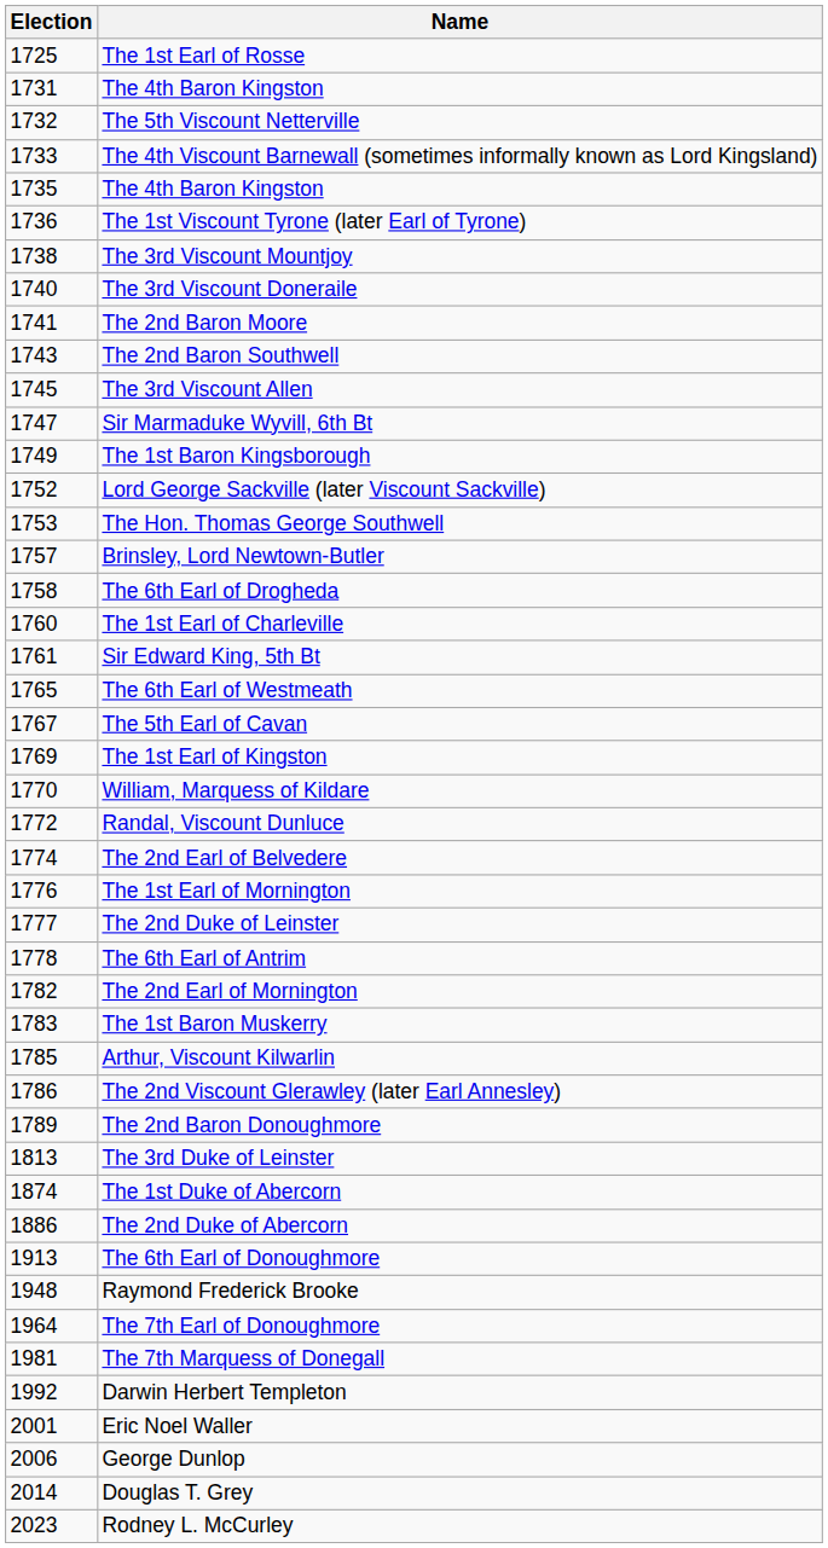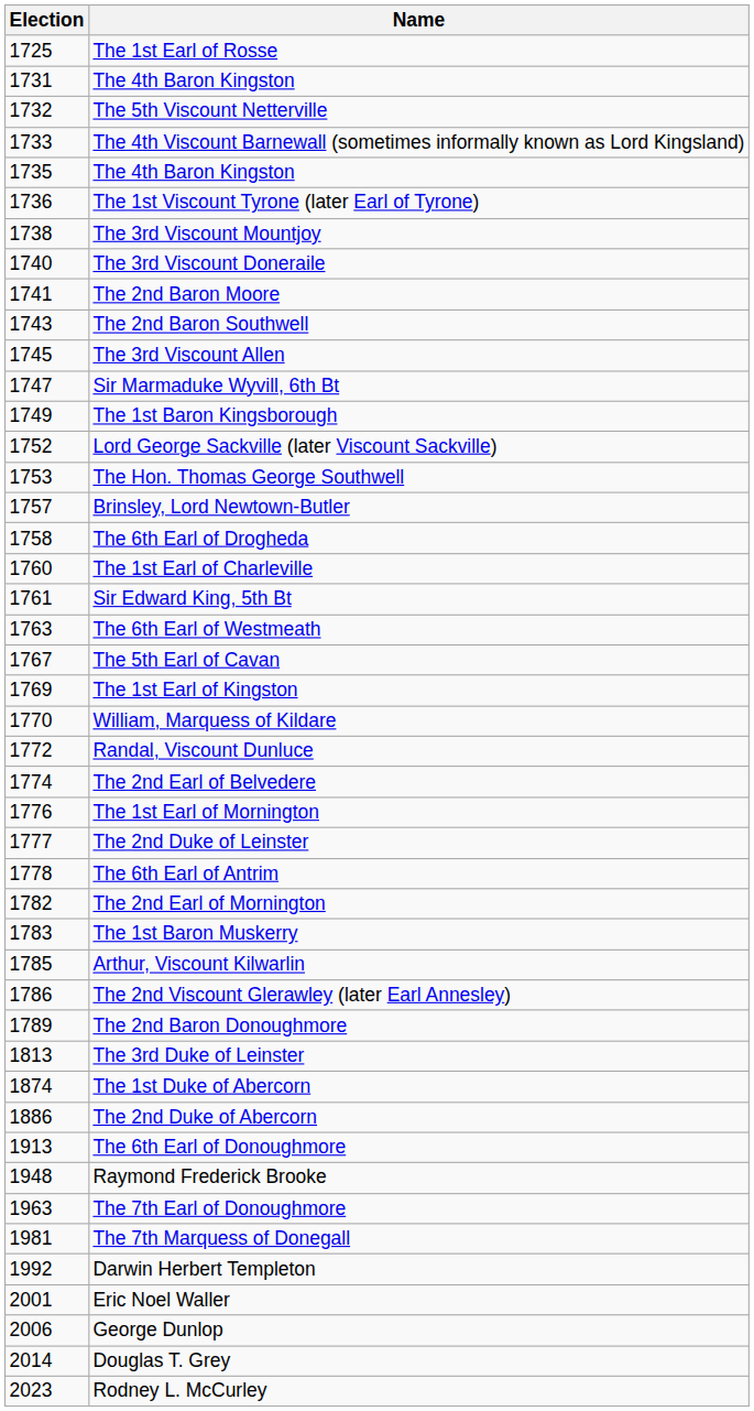 <table class="wikitable">
 <tr>
 <th>Election</th>
 <th>Name</th>
 </tr>
 <tr>
 <td>1725</td>
 <td><a href='#'>The 1st Earl of Rosse</a></td>
 </tr>
 <tr>
 <td>1731</td>
 <td><a href='#'>The 4th Baron Kingston</a></td>
 </tr>
 <tr>
 <td>1732</td>
 <td><a href='#'>The 5th Viscount Netterville</a></td>
 </tr>
 <tr>
 <td>1733</td>
 <td><a href='#'>The 4th Viscount Barnewall</a> (sometimes informally known as Lord Kingsland)</td>
 </tr>
 <tr>
 <td>1735</td>
 <td><a href='#'>The 4th Baron Kingston</a></td>
 </tr>
 <tr>
 <td>1736</td>
 <td><a href='#'>The 1st Viscount Tyrone</a> (later <a href='#'>Earl of Tyrone</a>)</td>
 </tr>
 <tr>
 <td>1738</td>
 <td><a href='#'>The 3rd Viscount Mountjoy</a></td>
 </tr>
 <tr>
 <td>1740</td>
 <td><a href='#'>The 3rd Viscount Doneraile</a></td>
 </tr>
 <tr>
 <td>1741</td>
 <td><a href='#'>The 2nd Baron Moore</a></td>
 </tr>
 <tr>
 <td>1743</td>
 <td><a href='#'>The 2nd Baron Southwell</a></td>
 </tr>
 <tr>
 <td>1745</td>
 <td><a href='#'>The 3rd Viscount Allen</a></td>
 </tr>
 <tr>
 <td>1747</td>
 <td><a href='#'>Sir Marmaduke Wyvill, 6th Bt</a></td>
 </tr>
 <tr>
 <td>1749</td>
 <td><a href='#'>The 1st Baron Kingsborough</a></td>
 </tr>
 <tr>
 <td>1752</td>
 <td><a href='#'>Lord George Sackville</a> (later <a href='#'>Viscount Sackville</a>)</td>
 </tr>
 <tr>
 <td>1753</td>
 <td><a href='#'>The Hon. Thomas George Southwell</a></td>
 </tr>
 <tr>
 <td>1757</td>
 <td><a href='#'>Brinsley, Lord Newtown-Butler</a></td>
 </tr>
 <tr>
 <td>1758</td>
 <td><a href='#'>The 6th Earl of Drogheda</a></td>
 </tr>
 <tr>
 <td>1760</td>
 <td><a href='#'>The 1st Earl of Charleville</a></td>
 </tr>
 <tr>
 <td>1761</td>
 <td><a href='#'>Sir Edward King, 5th Bt</a></td>
 </tr>
 <tr>
-<td>1765</td>
+<td>1763</td>
 <td><a href='#'>The 6th Earl of Westmeath</a></td>
 </tr>
 <tr>
 <td>1767</td>
 <td><a href='#'>The 5th Earl of Cavan</a></td>
 </tr>
 <tr>
 <td>1769</td>
 <td><a href='#'>The 1st Earl of Kingston</a></td>
 </tr>
 <tr>
 <td>1770</td>
 <td><a href='#'>William, Marquess of Kildare</a></td>
 </tr>
 <tr>
 <td>1772</td>
 <td><a href='#'>Randal, Viscount Dunluce</a></td>
 </tr>
 <tr>
 <td>1774</td>
 <td><a href='#'>The 2nd Earl of Belvedere</a></td>
 </tr>
 <tr>
 <td>1776</td>
 <td><a href='#'>The 1st Earl of Mornington</a></td>
 </tr>
 <tr>
 <td>1777</td>
 <td><a href='#'>The 2nd Duke of Leinster</a></td>
 </tr>
 <tr>
 <td>1778</td>
 <td><a href='#'>The 6th Earl of Antrim</a></td>
 </tr>
 <tr>
 <td>1782</td>
 <td><a href='#'>The 2nd Earl of Mornington</a></td>
 </tr>
 <tr>
 <td>1783</td>
 <td><a href='#'>The 1st Baron Muskerry</a></td>
 </tr>
 <tr>
 <td>1785</td>
 <td><a href='#'>Arthur, Viscount Kilwarlin</a></td>
 </tr>
 <tr>
 <td>1786</td>
 <td><a href='#'>The 2nd Viscount Glerawley</a> (later <a href='#'>Earl Annesley</a>)</td>
 </tr>
 <tr>
 <td>1789</td>
 <td><a href='#'>The 2nd Baron Donoughmore</a></td>
 </tr>
 <tr>
 <td>1813</td>
 <td><a href='#'>The 3rd Duke of Leinster</a></td>
 </tr>
 <tr>
 <td>1874</td>
 <td><a href='#'>The 1st Duke of Abercorn</a></td>
 </tr>
 <tr>
 <td>1886</td>
 <td><a href='#'>The 2nd Duke of Abercorn</a></td>
 </tr>
 <tr>
 <td>1913</td>
 <td><a href='#'>The 6th Earl of Donoughmore</a></td>
 </tr>
 <tr>
 <td>1948</td>
 <td>Raymond Frederick Brooke</td>
 </tr>
 <tr>
-<td>1964</td>
+<td>1963</td>
 <td><a href='#'>The 7th Earl of Donoughmore</a></td>
 </tr>
 <tr>
 <td>1981</td>
 <td><a href='#'>The 7th Marquess of Donegall</a></td>
 </tr>
 <tr>
 <td>1992</td>
 <td>Darwin Herbert Templeton</td>
 </tr>
 <tr>
 <td>2001</td>
 <td>Eric Noel Waller</td>
 </tr>
 <tr>
 <td>2006</td>
 <td>George Dunlop</td>
 </tr>
 <tr>
 <td>2014</td>
 <td>Douglas T. Grey</td>
 </tr>
 <tr>
 <td>2023</td>
 <td>Rodney L. McCurley</td>
 </tr>
 <tr>
 </tr>
 </table>
